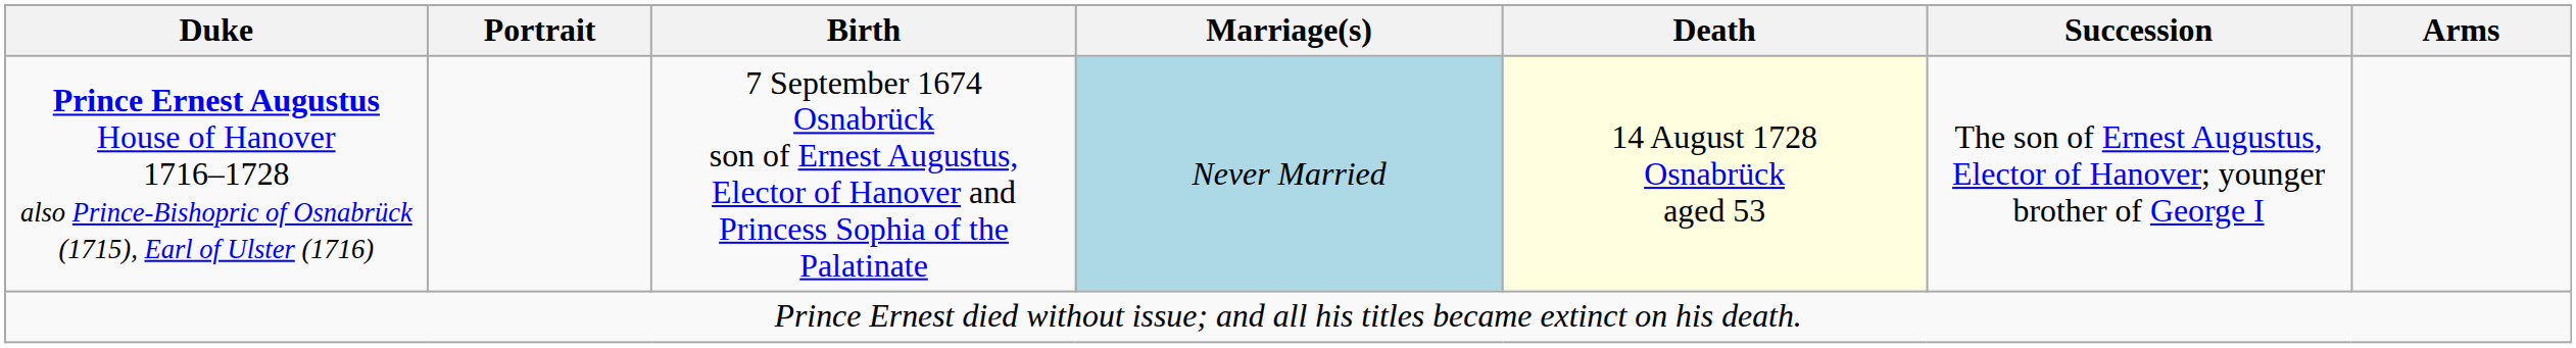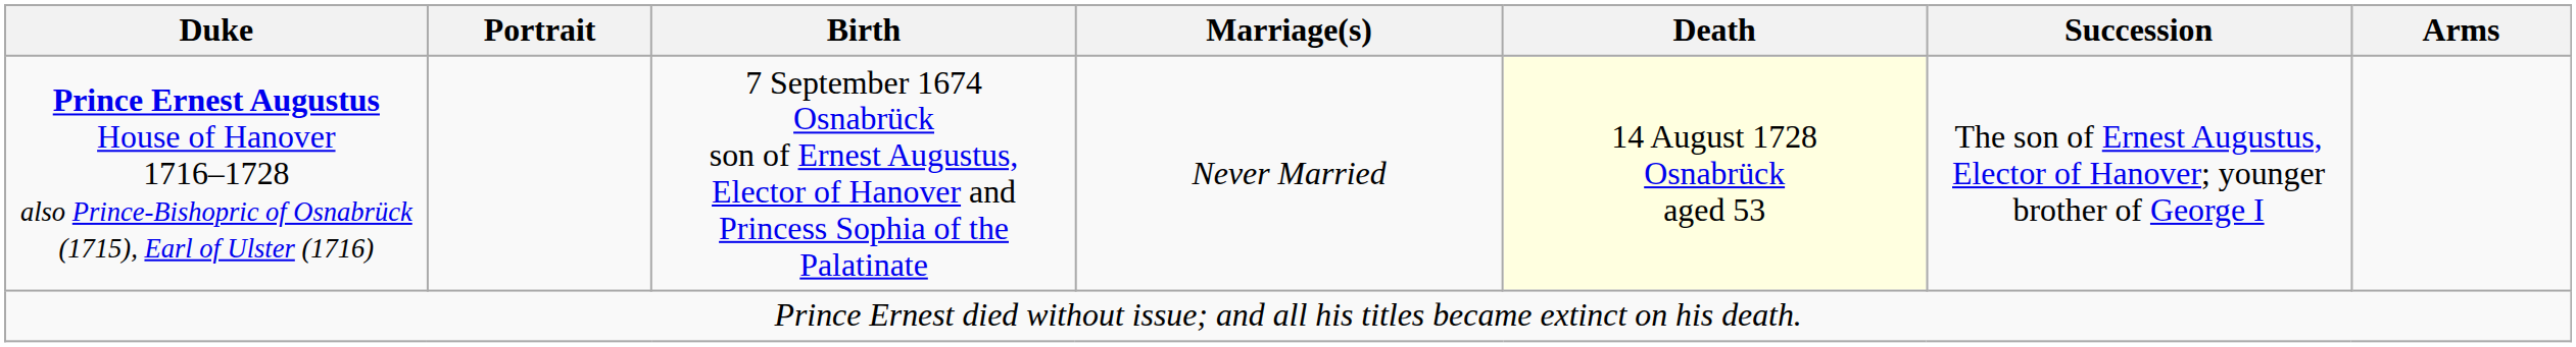 <table class="wikitable" style="width:100%;text-align:center;">
 <tr>
 <th width="220">Duke</th>
 <th width="110">Portrait</th>
 <th width="220">Birth</th>
 <th width="220">Marriage(s)</th>
 <th width="220">Death</th>
 <th width="220">Succession</th>
 <th width="110">Arms</th>
 </tr>
 <tr>
 <td><strong><a href='#'>Prince Ernest Augustus</a></strong><br><a href='#'>House of Hanover</a><br>1716–1728<br><em><small>also <a href='#'>Prince-Bishopric of Osnabrück</a> (1715), <a href='#'>Earl of Ulster</a> (1716)</small></em></td>
 <td></td>
 <td>7 September 1674<br><a href='#'>Osnabrück</a><br>son of <a href='#'>Ernest Augustus, Elector of Hanover</a> and <a href='#'>Princess Sophia of the Palatinate</a></td>
-<td style="background: lightblue;"><em>Never Married</em></td>
+<td><em>Never Married</em></td>
 <td style="background: lightyellow;">14 August 1728<br><a href='#'>Osnabrück</a><br>aged 53</td>
 <td>The son of <a href='#'>Ernest Augustus, Elector of Hanover</a>; younger brother of <a href='#'>George I</a></td>
 <td></td>
 </tr>
 <tr>
 <td colspan="7"><em>Prince Ernest died without issue; and all his titles became extinct on his death.</em></td>
 </tr>
 </table>
